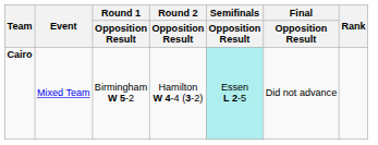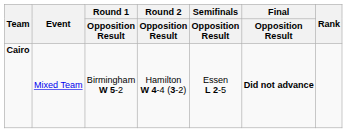 <table class="wikitable" border="1" style="font-size:90%">
 <tr>
 <th rowspan=2>Team</th>
 <th rowspan=2>Event</th>
 <th>Round 1</th>
 <th>Round 2</th>
 <th>Semifinals</th>
 <th>Final</th>
 <th rowspan=2>Rank</th>
 </tr>
 <tr>
 <th>Opposition<br>Result</th>
 <th>Opposition<br>Result</th>
 <th>Opposition<br>Result</th>
 <th>Opposition<br>Result</th>
 </tr>
 <tr>
 <td><strong>Cairo</strong><br><br><br><br><br><br><br><br></td>
 <td><a href='#'>Mixed Team</a></td>
 <td align=center>Birmingham <br> <strong>W</strong> <strong>5</strong>-2</td>
 <td align=center>Hamilton <br> <strong>W</strong> <strong>4</strong>-4 (<strong>3</strong>-2)</td>
-<td align=center style="background: paleturquoise;">Essen <br> <strong>L</strong> <strong>2</strong>-5</td>
-<td align=center>Did not advance</td>
+<td align=center>Essen <br> <strong>L</strong> <strong>2</strong>-5</td>
+<td align=center><strong>Did not advance</strong></td>
 <td align=center></td>
 </tr>
 </table>
